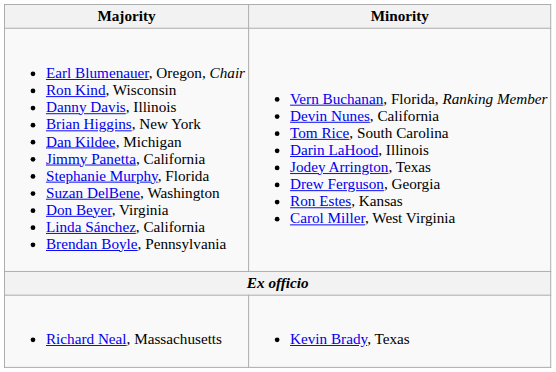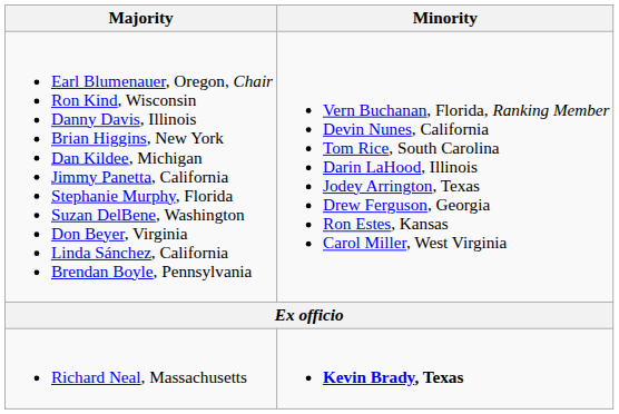 <table class=wikitable>
 <tr>
 <th>Majority</th>
 <th>Minority</th>
 </tr>
 <tr>
 <td><br><ul><li><a href='#'>Earl Blumenauer</a>, Oregon, <em>Chair</em></li><li><a href='#'>Ron Kind</a>, Wisconsin</li><li><a href='#'>Danny Davis</a>, Illinois</li><li><a href='#'>Brian Higgins</a>, New York</li><li><a href='#'>Dan Kildee</a>, Michigan</li><li><a href='#'>Jimmy Panetta</a>, California</li><li><a href='#'>Stephanie Murphy</a>, Florida</li><li><a href='#'>Suzan DelBene</a>, Washington</li><li><a href='#'>Don Beyer</a>, Virginia</li><li><a href='#'>Linda Sánchez</a>, California</li><li><a href='#'>Brendan Boyle</a>, Pennsylvania</li></ul></td>
 <td><br><ul><li><a href='#'>Vern Buchanan</a>, Florida, <em>Ranking Member</em></li><li><a href='#'>Devin Nunes</a>, California</li><li><a href='#'>Tom Rice</a>, South Carolina</li><li><a href='#'>Darin LaHood</a>, Illinois</li><li><a href='#'>Jodey Arrington</a>, Texas</li><li><a href='#'>Drew Ferguson</a>, Georgia</li><li><a href='#'>Ron Estes</a>, Kansas</li><li><a href='#'>Carol Miller</a>, West Virginia</li></ul></td>
 </tr>
 <tr>
 <th colspan=2><em>Ex officio</em></th>
 </tr>
 <tr>
 <td><br><ul><li><a href='#'>Richard Neal</a>, Massachusetts</li></ul></td>
-<td><br><ul><li><a href='#'>Kevin Brady</a>, Texas</li></ul></td>
+<td><strong><br><ul><li><a href='#'>Kevin Brady</a>, Texas</li></ul></strong></td>
 </tr>
 </table>
